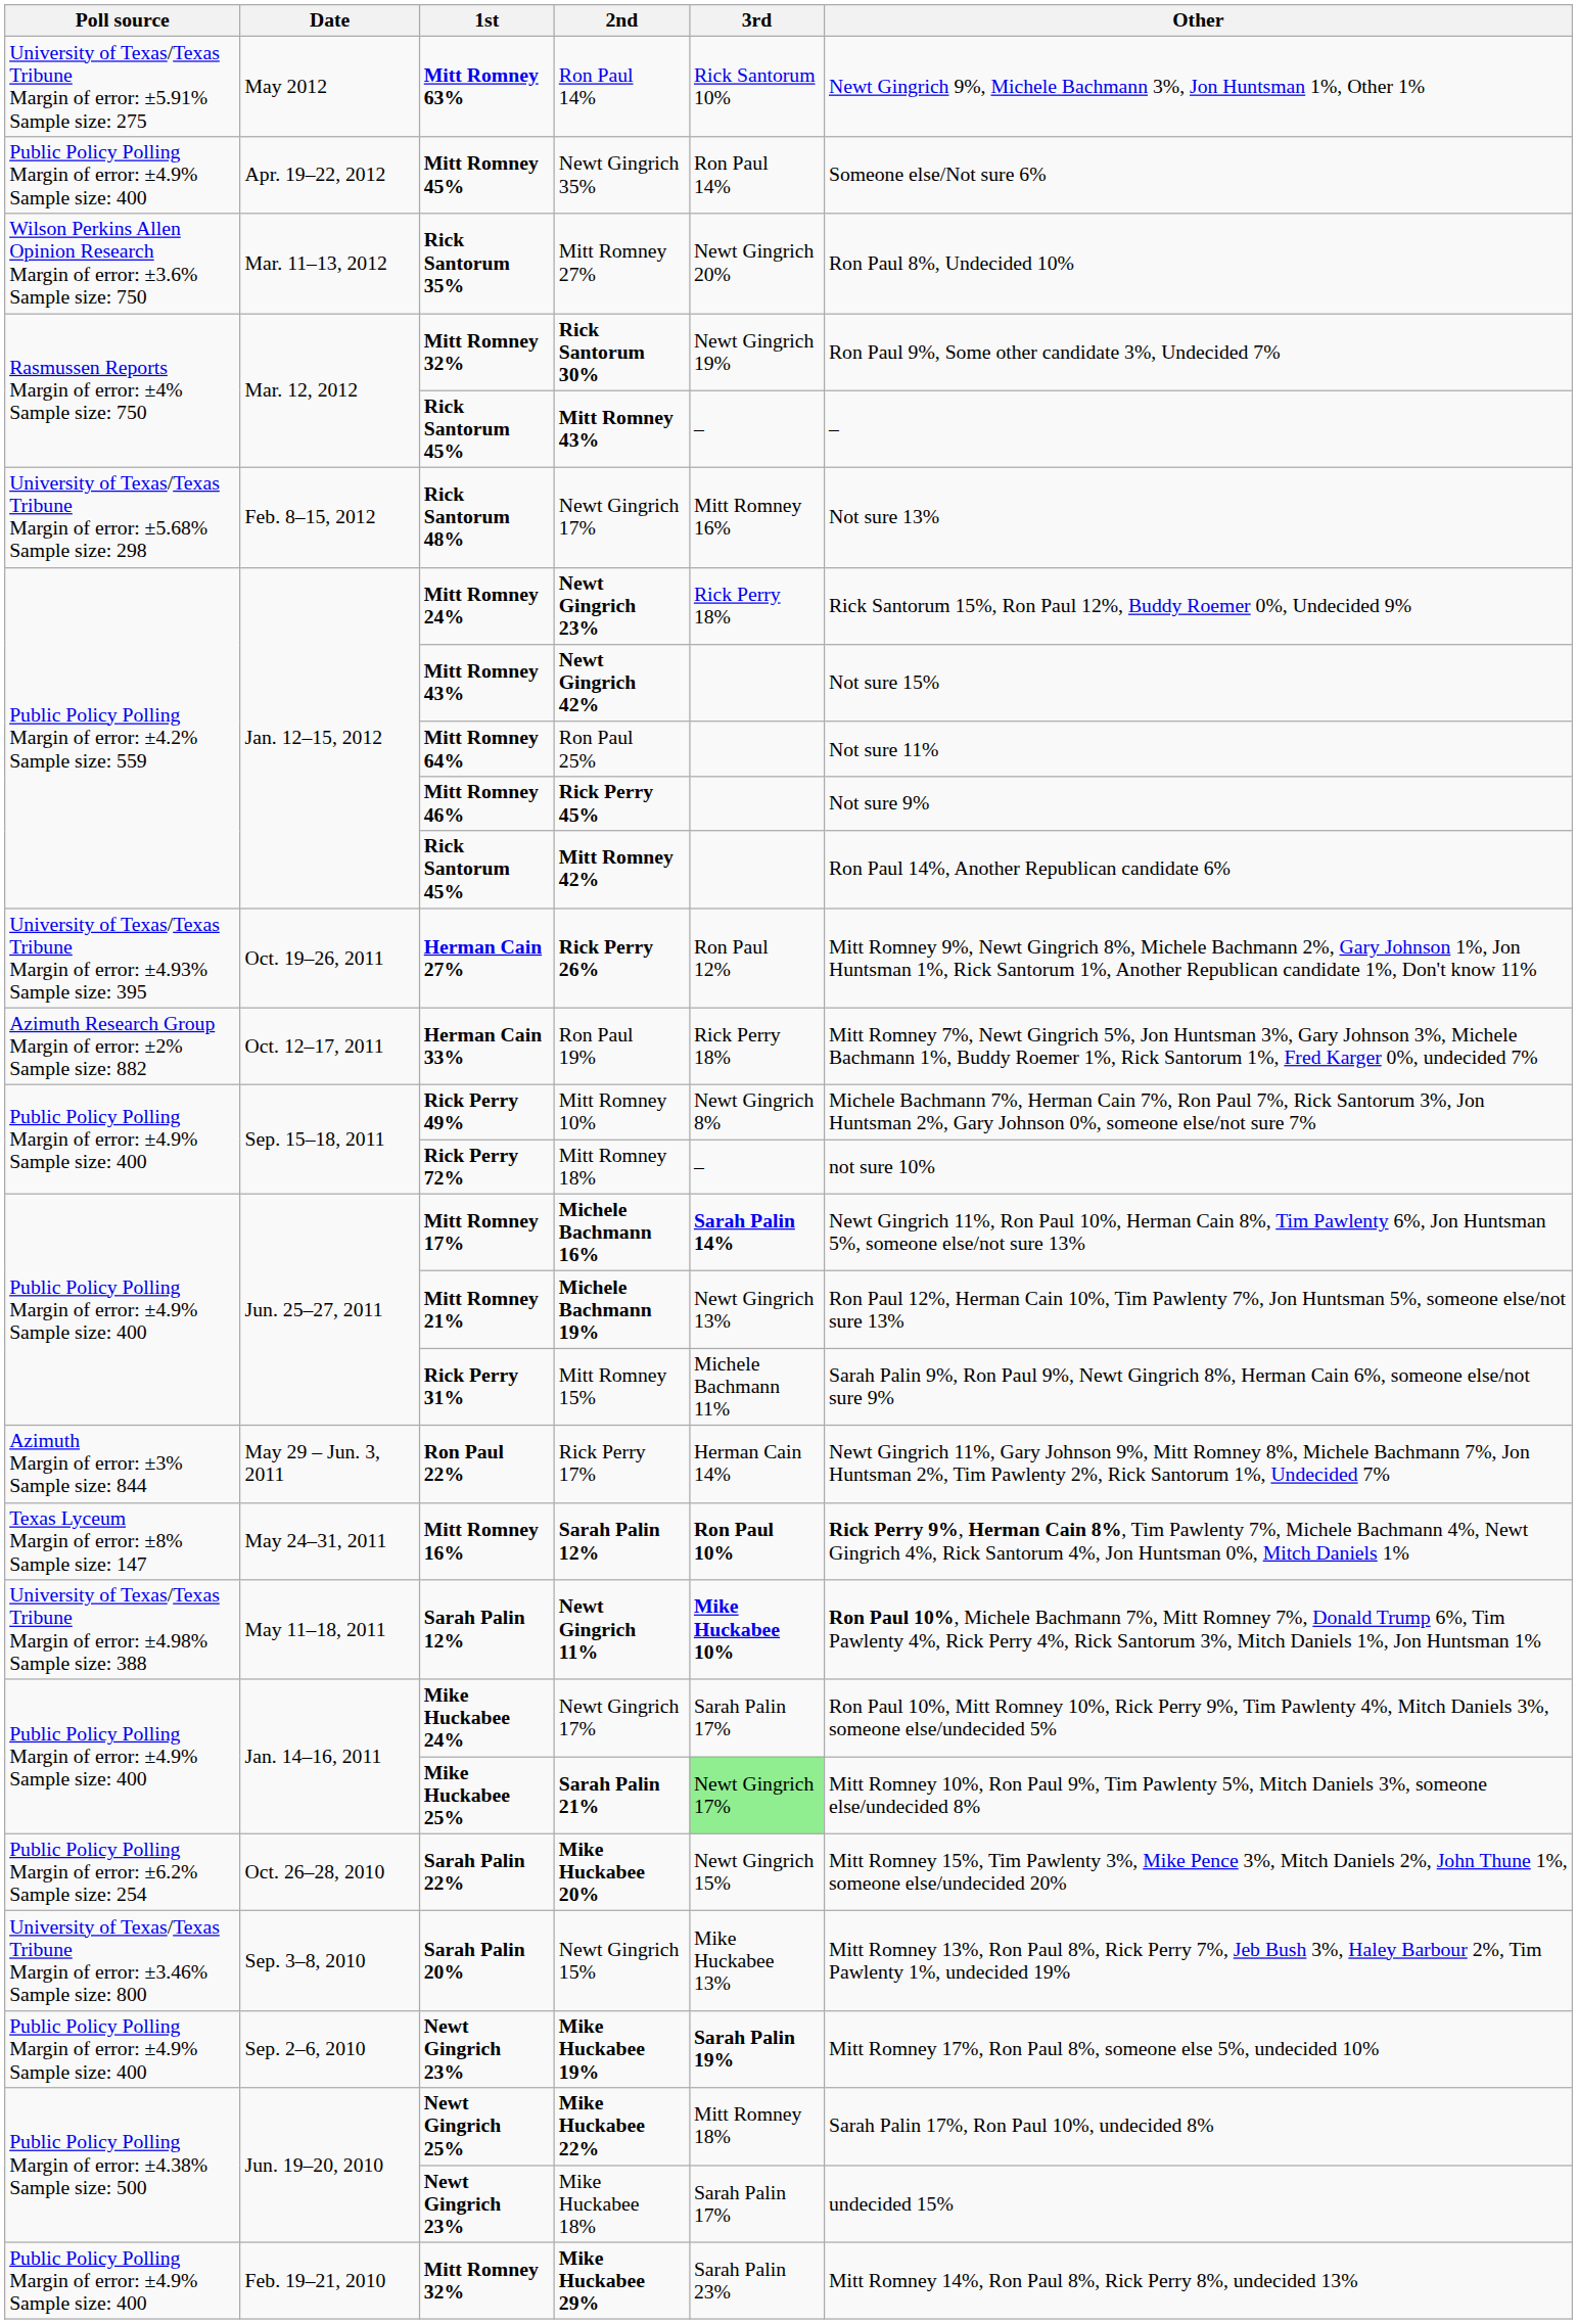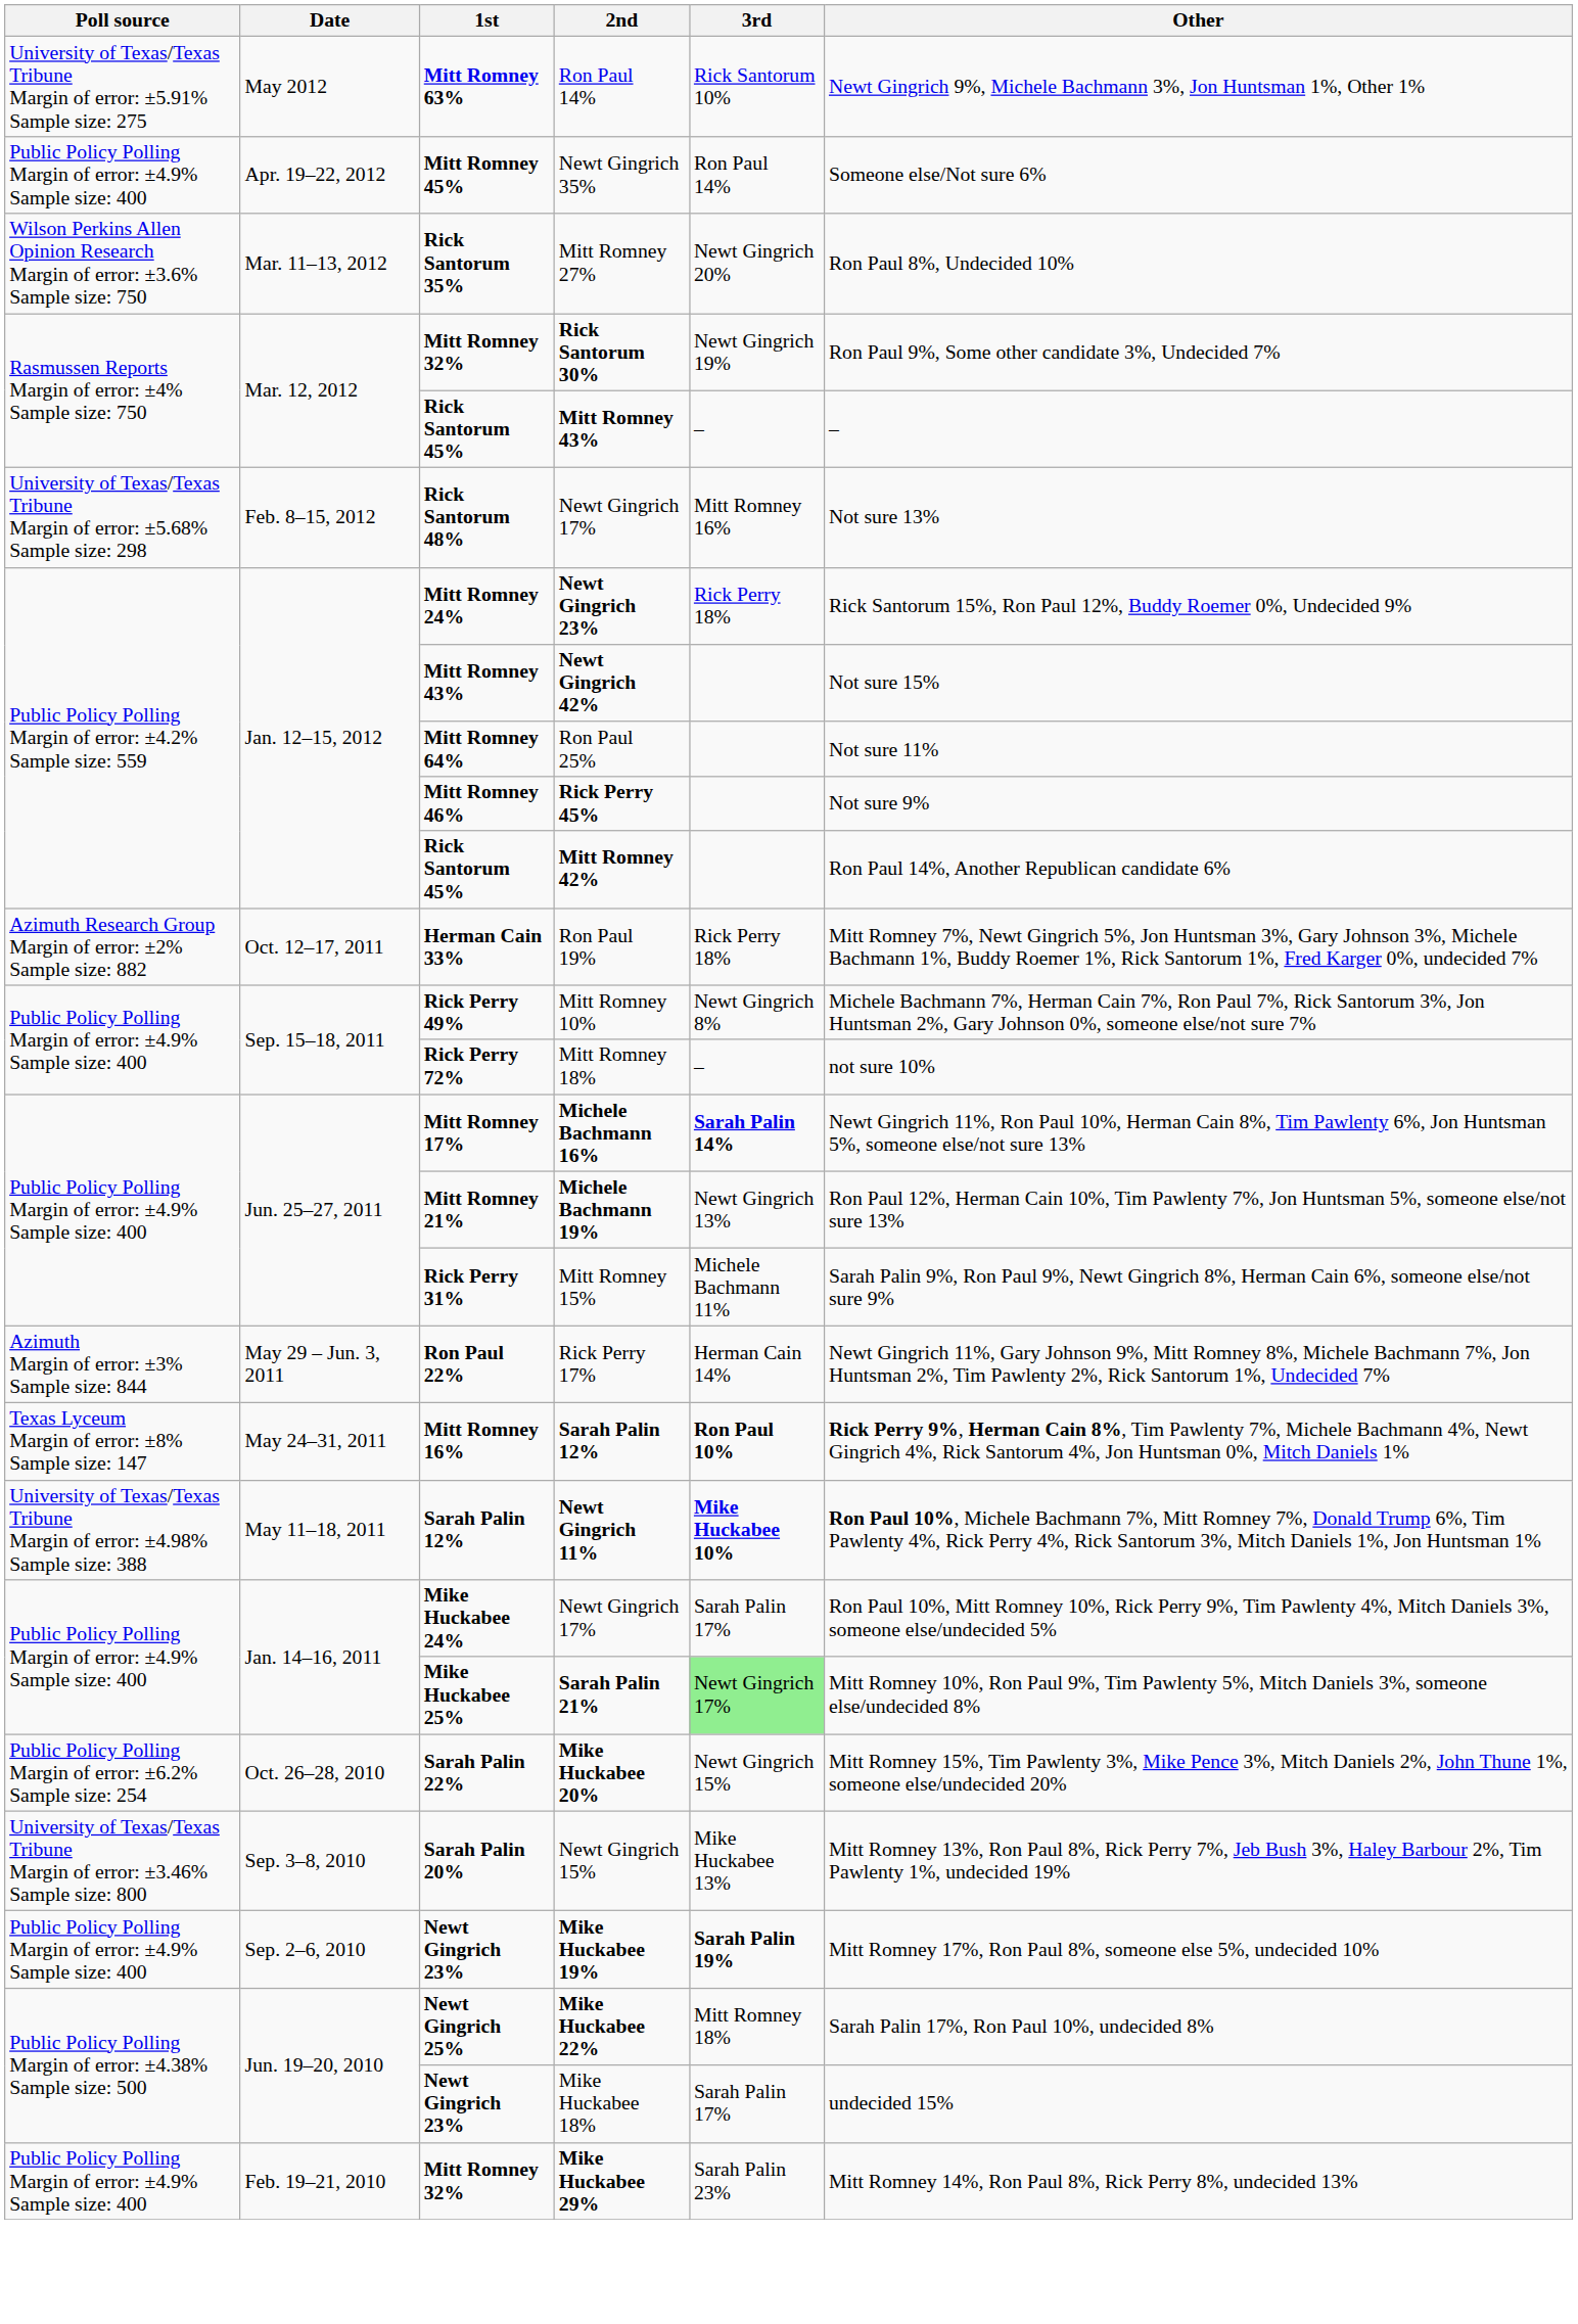 <table class="wikitable">
 <tr>
 <th style="width:180px;">Poll source</th>
 <th style="width:135px;">Date</th>
 <th style="width:100px;">1st</th>
 <th style="width:100px;">2nd</th>
 <th style="width:100px;">3rd</th>
 <th>Other</th>
 </tr>
 <tr>
 <td><a href='#'>University of Texas</a>/<a href='#'>Texas Tribune</a><br>Margin of error: ±5.91% <br>Sample size: 275</td>
 <td>May 2012</td>
 <td><strong><a href='#'>Mitt Romney</a><br> 63%</strong></td>
 <td><a href='#'>Ron Paul</a><br> 14%</td>
 <td><a href='#'>Rick Santorum</a><br> 10%</td>
 <td><a href='#'>Newt Gingrich</a> 9%, <a href='#'>Michele Bachmann</a> 3%, <a href='#'>Jon Huntsman</a> 1%, Other 1%</td>
 </tr>
 <tr>
 <td><a href='#'>Public Policy Polling</a><br>Margin of error: ±4.9% <br>Sample size: 400</td>
 <td>Apr. 19–22, 2012</td>
 <td><strong>Mitt Romney<br> 45%</strong></td>
 <td>Newt Gingrich<br> 35%</td>
 <td>Ron Paul<br> 14%</td>
 <td>Someone else/Not sure 6%</td>
 </tr>
 <tr>
 <td><a href='#'>Wilson Perkins Allen Opinion Research</a><br>Margin of error: ±3.6% <br>Sample size: 750</td>
 <td>Mar. 11–13, 2012</td>
 <td><strong>Rick Santorum<br> 35%</strong></td>
 <td>Mitt Romney<br> 27%</td>
 <td>Newt Gingrich<br> 20%</td>
 <td>Ron Paul 8%, Undecided 10%</td>
 </tr>
 <tr>
 <td rowspan=2><a href='#'>Rasmussen Reports</a><br>Margin of error: ±4% <br>Sample size: 750</td>
 <td rowspan=2>Mar. 12, 2012</td>
 <td><strong>Mitt Romney<br> 32%</strong></td>
 <td><strong>Rick Santorum<br> 30%</strong></td>
 <td>Newt Gingrich<br> 19%</td>
 <td>Ron Paul 9%, Some other candidate 3%, Undecided 7%</td>
 </tr>
 <tr>
 <td><strong>Rick Santorum<br> 45%</strong></td>
 <td><strong>Mitt Romney<br> 43%</strong></td>
 <td>–</td>
 <td>–</td>
 </tr>
 <tr>
 <td><a href='#'>University of Texas</a>/<a href='#'>Texas Tribune</a><br>Margin of error: ±5.68% <br>Sample size: 298</td>
 <td>Feb. 8–15, 2012</td>
 <td><strong>Rick Santorum<br> 48%</strong></td>
 <td>Newt Gingrich<br> 17%</td>
 <td>Mitt Romney<br> 16%</td>
 <td>Not sure 13%</td>
 </tr>
 <tr>
 <td rowspan=5><a href='#'>Public Policy Polling</a><br>Margin of error: ±4.2% <br>Sample size: 559</td>
 <td rowspan=5>Jan. 12–15, 2012</td>
 <td><strong>Mitt Romney<br> 24%</strong></td>
 <td><strong>Newt Gingrich<br> 23%</strong></td>
 <td><a href='#'>Rick Perry</a><br> 18%</td>
 <td>Rick Santorum 15%, Ron Paul 12%, <a href='#'>Buddy Roemer</a> 0%, Undecided 9%</td>
 </tr>
 <tr>
 <td><strong>Mitt Romney<br> 43%</strong></td>
 <td><strong>Newt Gingrich<br> 42%</strong></td>
 <td></td>
 <td>Not sure 15%</td>
 </tr>
 <tr>
 <td><strong>Mitt Romney<br> 64%</strong></td>
 <td>Ron Paul<br> 25%</td>
 <td></td>
 <td>Not sure 11%</td>
 </tr>
 <tr>
 <td><strong>Mitt Romney<br> 46%</strong></td>
 <td><strong>Rick Perry<br> 45%</strong></td>
 <td></td>
 <td>Not sure 9%</td>
 </tr>
 <tr>
 <td><strong>Rick Santorum<br> 45%</strong></td>
 <td><strong>Mitt Romney<br> 42%</strong></td>
 <td></td>
 <td>Ron Paul 14%, Another Republican candidate 6%</td>
-</tr>
-<tr>
-<td><a href='#'>University of Texas</a>/<a href='#'>Texas Tribune</a><br>Margin of error: ±4.93% <br>Sample size: 395</td>
-<td>Oct. 19–26, 2011</td>
-<td><strong><a href='#'>Herman Cain</a><br> 27%</strong></td>
-<td><strong>Rick Perry<br> 26%</strong></td>
-<td>Ron Paul<br> 12%</td>
-<td>Mitt Romney 9%, Newt Gingrich 8%, Michele Bachmann 2%, <a href='#'>Gary Johnson</a> 1%, Jon Huntsman 1%, Rick Santorum 1%, Another Republican candidate 1%, Don't know 11%</td>
 </tr>
 <tr>
 <td><a href='#'>Azimuth Research Group</a><br>Margin of error: ±2% <br>Sample size: 882</td>
 <td>Oct. 12–17, 2011</td>
 <td><strong>Herman Cain<br> 33%</strong></td>
 <td>Ron Paul<br> 19%</td>
 <td>Rick Perry<br> 18%</td>
 <td>Mitt Romney 7%, Newt Gingrich 5%, Jon Huntsman 3%, Gary Johnson 3%, Michele Bachmann 1%, Buddy Roemer 1%, Rick Santorum 1%, <a href='#'>Fred Karger</a> 0%, undecided 7%</td>
 </tr>
 <tr>
 <td rowspan=2><a href='#'>Public Policy Polling</a><br>Margin of error: ±4.9% <br>Sample size: 400</td>
 <td rowspan=2>Sep. 15–18, 2011</td>
 <td><strong>Rick Perry<br> 49%</strong></td>
 <td>Mitt Romney<br> 10%</td>
 <td>Newt Gingrich<br> 8%</td>
 <td>Michele Bachmann 7%, Herman Cain 7%, Ron Paul 7%, Rick Santorum 3%, Jon Huntsman 2%, Gary Johnson 0%, someone else/not sure 7%</td>
 </tr>
 <tr>
 <td><strong>Rick Perry<br> 72%</strong></td>
 <td>Mitt Romney<br> 18%</td>
 <td>–</td>
 <td>not sure 10%</td>
 </tr>
 <tr>
 <td rowspan=3><a href='#'>Public Policy Polling</a><br>Margin of error: ±4.9% <br>Sample size: 400</td>
 <td rowspan=3>Jun. 25–27, 2011</td>
 <td><strong>Mitt Romney<br> 17%</strong></td>
 <td><strong>Michele Bachmann<br> 16%</strong></td>
 <td><strong><a href='#'>Sarah Palin</a><br> 14%</strong></td>
 <td>Newt Gingrich 11%, Ron Paul 10%, Herman Cain 8%, <a href='#'>Tim Pawlenty</a> 6%, Jon Huntsman 5%, someone else/not sure 13%</td>
 </tr>
 <tr>
 <td><strong>Mitt Romney<br> 21%</strong></td>
 <td><strong>Michele Bachmann<br> 19%</strong></td>
 <td>Newt Gingrich<br> 13%</td>
 <td>Ron Paul 12%, Herman Cain 10%, Tim Pawlenty 7%, Jon Huntsman 5%, someone else/not sure 13%</td>
 </tr>
 <tr>
 <td><strong>Rick Perry<br> 31%</strong></td>
 <td>Mitt Romney<br> 15%</td>
 <td>Michele Bachmann<br> 11%</td>
 <td>Sarah Palin 9%, Ron Paul 9%, Newt Gingrich 8%, Herman Cain 6%, someone else/not sure 9%</td>
 </tr>
 <tr>
 <td><a href='#'>Azimuth</a><br>Margin of error: ±3% <br>Sample size: 844</td>
 <td>May 29 – Jun. 3, 2011</td>
 <td><strong>Ron Paul<br> 22%</strong></td>
 <td>Rick Perry<br> 17%</td>
 <td>Herman Cain<br> 14%</td>
 <td>Newt Gingrich 11%, Gary Johnson 9%, Mitt Romney 8%, Michele Bachmann 7%, Jon Huntsman 2%, Tim Pawlenty 2%, Rick Santorum 1%, <a href='#'>Undecided</a> 7%</td>
 </tr>
 <tr>
 <td><a href='#'>Texas Lyceum</a><br>Margin of error: ±8% <br>Sample size: 147</td>
 <td>May 24–31, 2011</td>
 <td><strong>Mitt Romney<br> 16%</strong></td>
 <td><strong>Sarah Palin<br> 12%</strong></td>
 <td><strong>Ron Paul<br> 10%</strong></td>
 <td><span><strong>Rick Perry 9%</strong></span>, <span><strong>Herman Cain 8%</strong></span>, Tim Pawlenty 7%, Michele Bachmann 4%, Newt Gingrich 4%, Rick Santorum 4%, Jon Huntsman 0%, <a href='#'>Mitch Daniels</a> 1%</td>
 </tr>
 <tr>
 <td><a href='#'>University of Texas</a>/<a href='#'>Texas Tribune</a><br>Margin of error: ±4.98% <br>Sample size: 388</td>
 <td>May 11–18, 2011</td>
 <td><strong>Sarah Palin<br> 12%</strong></td>
 <td><strong>Newt Gingrich<br> 11%</strong></td>
 <td><strong><a href='#'>Mike Huckabee</a><br> 10%</strong></td>
 <td><span><strong>Ron Paul 10%</strong></span>, Michele Bachmann 7%, Mitt Romney 7%, <a href='#'>Donald Trump</a> 6%, Tim Pawlenty 4%, Rick Perry 4%, Rick Santorum 3%, Mitch Daniels 1%, Jon Huntsman 1%</td>
 </tr>
 <tr>
 <td rowspan=2><a href='#'>Public Policy Polling</a><br>Margin of error: ±4.9% <br>Sample size: 400</td>
 <td rowspan=2>Jan. 14–16, 2011</td>
 <td><strong>Mike Huckabee<br> 24%</strong></td>
 <td>Newt Gingrich<br> 17%</td>
 <td>Sarah Palin<br> 17%</td>
 <td>Ron Paul 10%, Mitt Romney 10%, Rick Perry 9%, Tim Pawlenty 4%, Mitch Daniels 3%, someone else/undecided 5%</td>
 </tr>
 <tr>
 <td><strong>Mike Huckabee<br> 25%</strong></td>
 <td><strong>Sarah Palin<br> 21%</strong></td>
 <td style="background: lightgreen;">Newt Gingrich<br> 17%</td>
 <td>Mitt Romney 10%, Ron Paul 9%, Tim Pawlenty 5%, Mitch Daniels 3%, someone else/undecided 8%</td>
 </tr>
 <tr>
 <td><a href='#'>Public Policy Polling</a><br>Margin of error: ±6.2% <br>Sample size: 254</td>
 <td>Oct. 26–28, 2010</td>
 <td><strong>Sarah Palin<br> 22%</strong></td>
 <td><strong>Mike Huckabee<br> 20%</strong></td>
 <td>Newt Gingrich<br> 15%</td>
 <td>Mitt Romney 15%, Tim Pawlenty 3%, <a href='#'>Mike Pence</a> 3%, Mitch Daniels 2%, <a href='#'>John Thune</a> 1%, someone else/undecided 20%</td>
 </tr>
 <tr>
 <td><a href='#'>University of Texas</a>/<a href='#'>Texas Tribune</a><br>Margin of error: ±3.46% <br>Sample size: 800</td>
 <td>Sep. 3–8, 2010</td>
 <td><strong>Sarah Palin<br> 20%</strong></td>
 <td>Newt Gingrich<br> 15%</td>
 <td>Mike Huckabee<br> 13%</td>
 <td>Mitt Romney 13%, Ron Paul 8%, Rick Perry 7%, <a href='#'>Jeb Bush</a> 3%, <a href='#'>Haley Barbour</a> 2%, Tim Pawlenty 1%, undecided 19%</td>
 </tr>
 <tr>
 <td><a href='#'>Public Policy Polling</a><br>Margin of error: ±4.9% <br>Sample size: 400</td>
 <td>Sep. 2–6, 2010</td>
 <td><strong>Newt Gingrich<br> 23%</strong></td>
 <td><strong>Mike Huckabee<br> 19%</strong></td>
 <td><strong>Sarah Palin<br> 19%</strong></td>
 <td>Mitt Romney 17%, Ron Paul 8%, someone else 5%, undecided 10%</td>
 </tr>
 <tr>
 <td rowspan=2><a href='#'>Public Policy Polling</a><br>Margin of error: ±4.38% <br>Sample size: 500</td>
 <td rowspan=2>Jun. 19–20, 2010</td>
 <td><strong>Newt Gingrich<br> 25%</strong></td>
 <td><strong>Mike Huckabee<br> 22%</strong></td>
 <td>Mitt Romney<br> 18%</td>
 <td>Sarah Palin 17%, Ron Paul 10%, undecided 8%</td>
 </tr>
 <tr>
 <td><strong> Newt Gingrich<br> 23%</strong></td>
 <td>Mike Huckabee<br> 18%</td>
 <td>Sarah Palin<br> 17%</td>
 <td>undecided 15%</td>
 </tr>
 <tr>
 <td><a href='#'>Public Policy Polling</a><br>Margin of error: ±4.9% <br>Sample size: 400</td>
 <td>Feb. 19–21, 2010</td>
 <td><strong>Mitt Romney<br> 32%</strong></td>
 <td><strong>Mike Huckabee<br> 29%</strong></td>
 <td>Sarah Palin<br> 23%</td>
 <td>Mitt Romney 14%, Ron Paul 8%, Rick Perry 8%, undecided 13%</td>
 </tr>
 </table>
